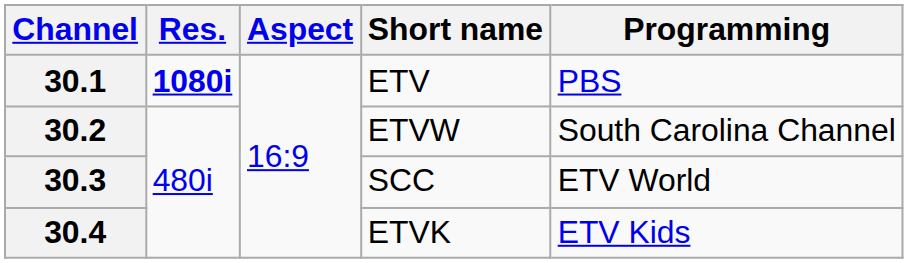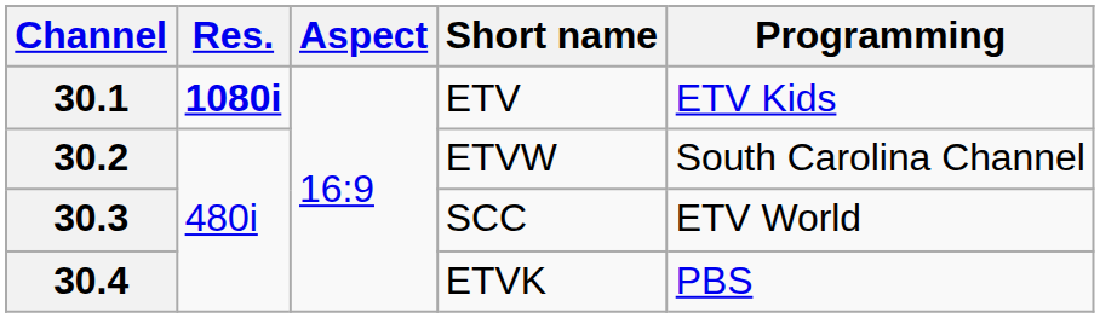 <table class="wikitable">
 <tr>
 <th scope = "col"><a href='#'>Channel</a></th>
 <th scope = "col"><a href='#'>Res.</a></th>
 <th scope = "col"><a href='#'>Aspect</a></th>
 <th scope = "col">Short name</th>
 <th scope = "col">Programming</th>
 </tr>
 <tr>
 <th scope = "row">30.1</th>
 <td><strong><a href='#'>1080i</a></strong></td>
 <td rowspan=4><a href='#'>16:9</a></td>
 <td>ETV</td>
-<td><a href='#'>PBS</a></td>
+<td><a href='#'>ETV Kids</a></td>
 </tr>
 <tr>
 <th scope = "row">30.2</th>
 <td rowspan=3><a href='#'>480i</a></td>
 <td>ETVW</td>
 <td>South Carolina Channel<br></td>
 </tr>
 <tr>
 <th scope = "row">30.3</th>
 <td>SCC</td>
 <td>ETV World<br></td>
 </tr>
 <tr>
 <th scope = "row">30.4</th>
 <td>ETVK</td>
-<td><a href='#'>ETV Kids</a></td>
+<td><a href='#'>PBS</a></td>
 </tr>
 </table>
